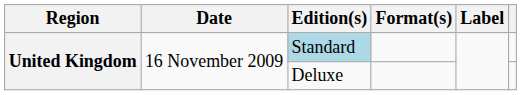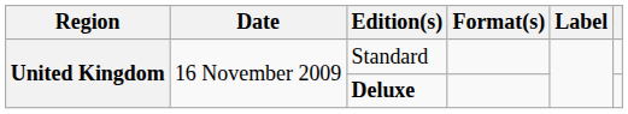 <table class="wikitable plainrowheaders">
 <tr>
 <th scope="col">Region</th>
 <th scope="col">Date</th>
 <th scope="col">Edition(s)</th>
 <th scope="col">Format(s)</th>
 <th scope="col">Label</th>
 <th scope="col"></th>
 </tr>
 <tr>
 <th scope="row"  rowspan="2">United Kingdom</th>
 <td rowspan="2">16 November 2009</td>
-<td style="background: lightblue;">Standard</td>
+<td>Standard</td>
 <td></td>
 <td rowspan="2"></td>
 <td style="text-align:center;"></td>
 </tr>
 <tr>
-<td>Deluxe</td>
+<td><strong>Deluxe</strong></td>
 <td></td>
 <td style="text-align:center;"></td>
 </tr>
 </table>
